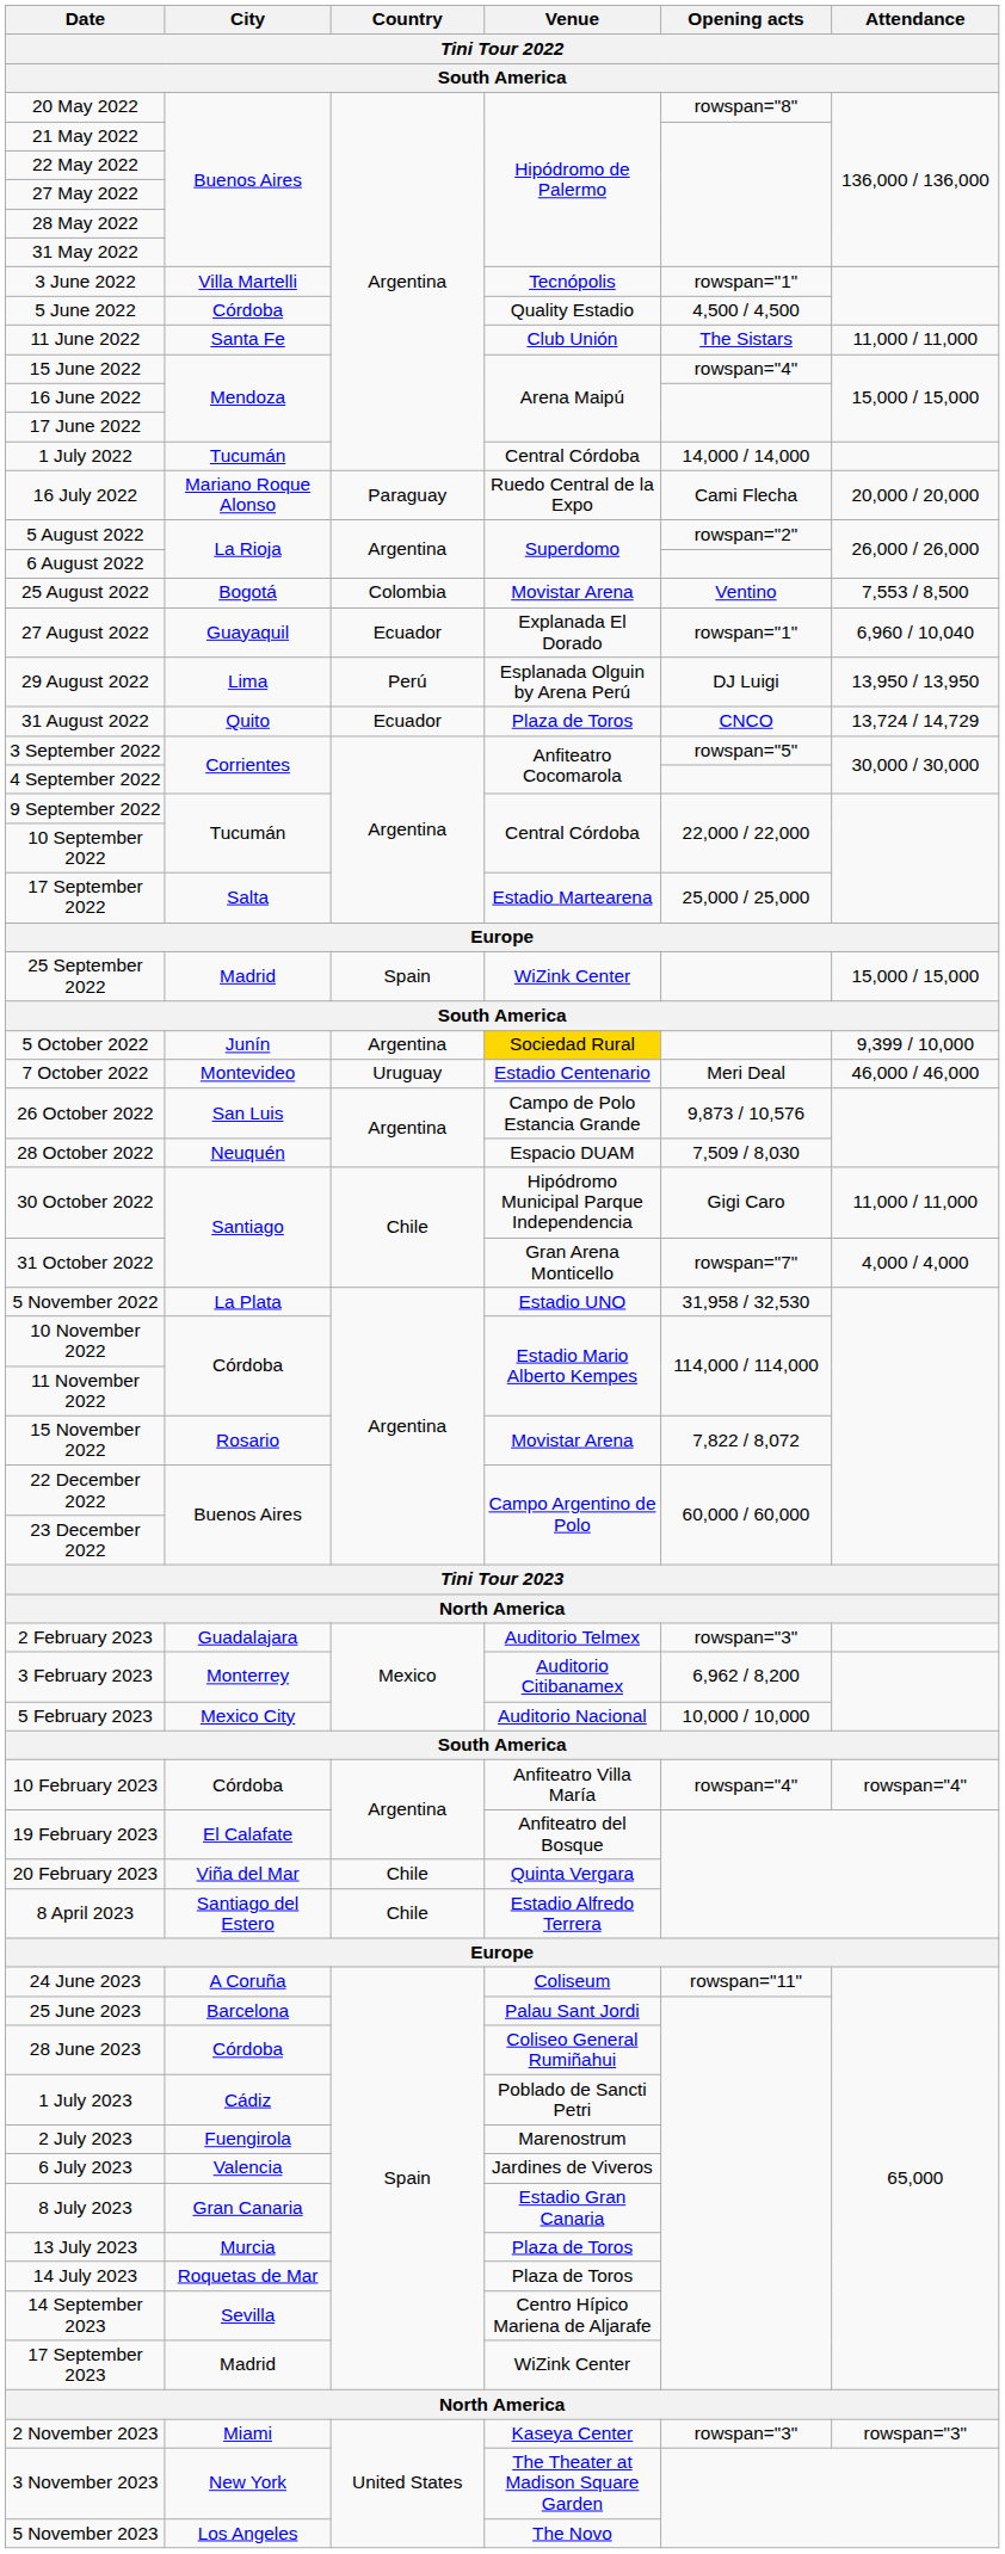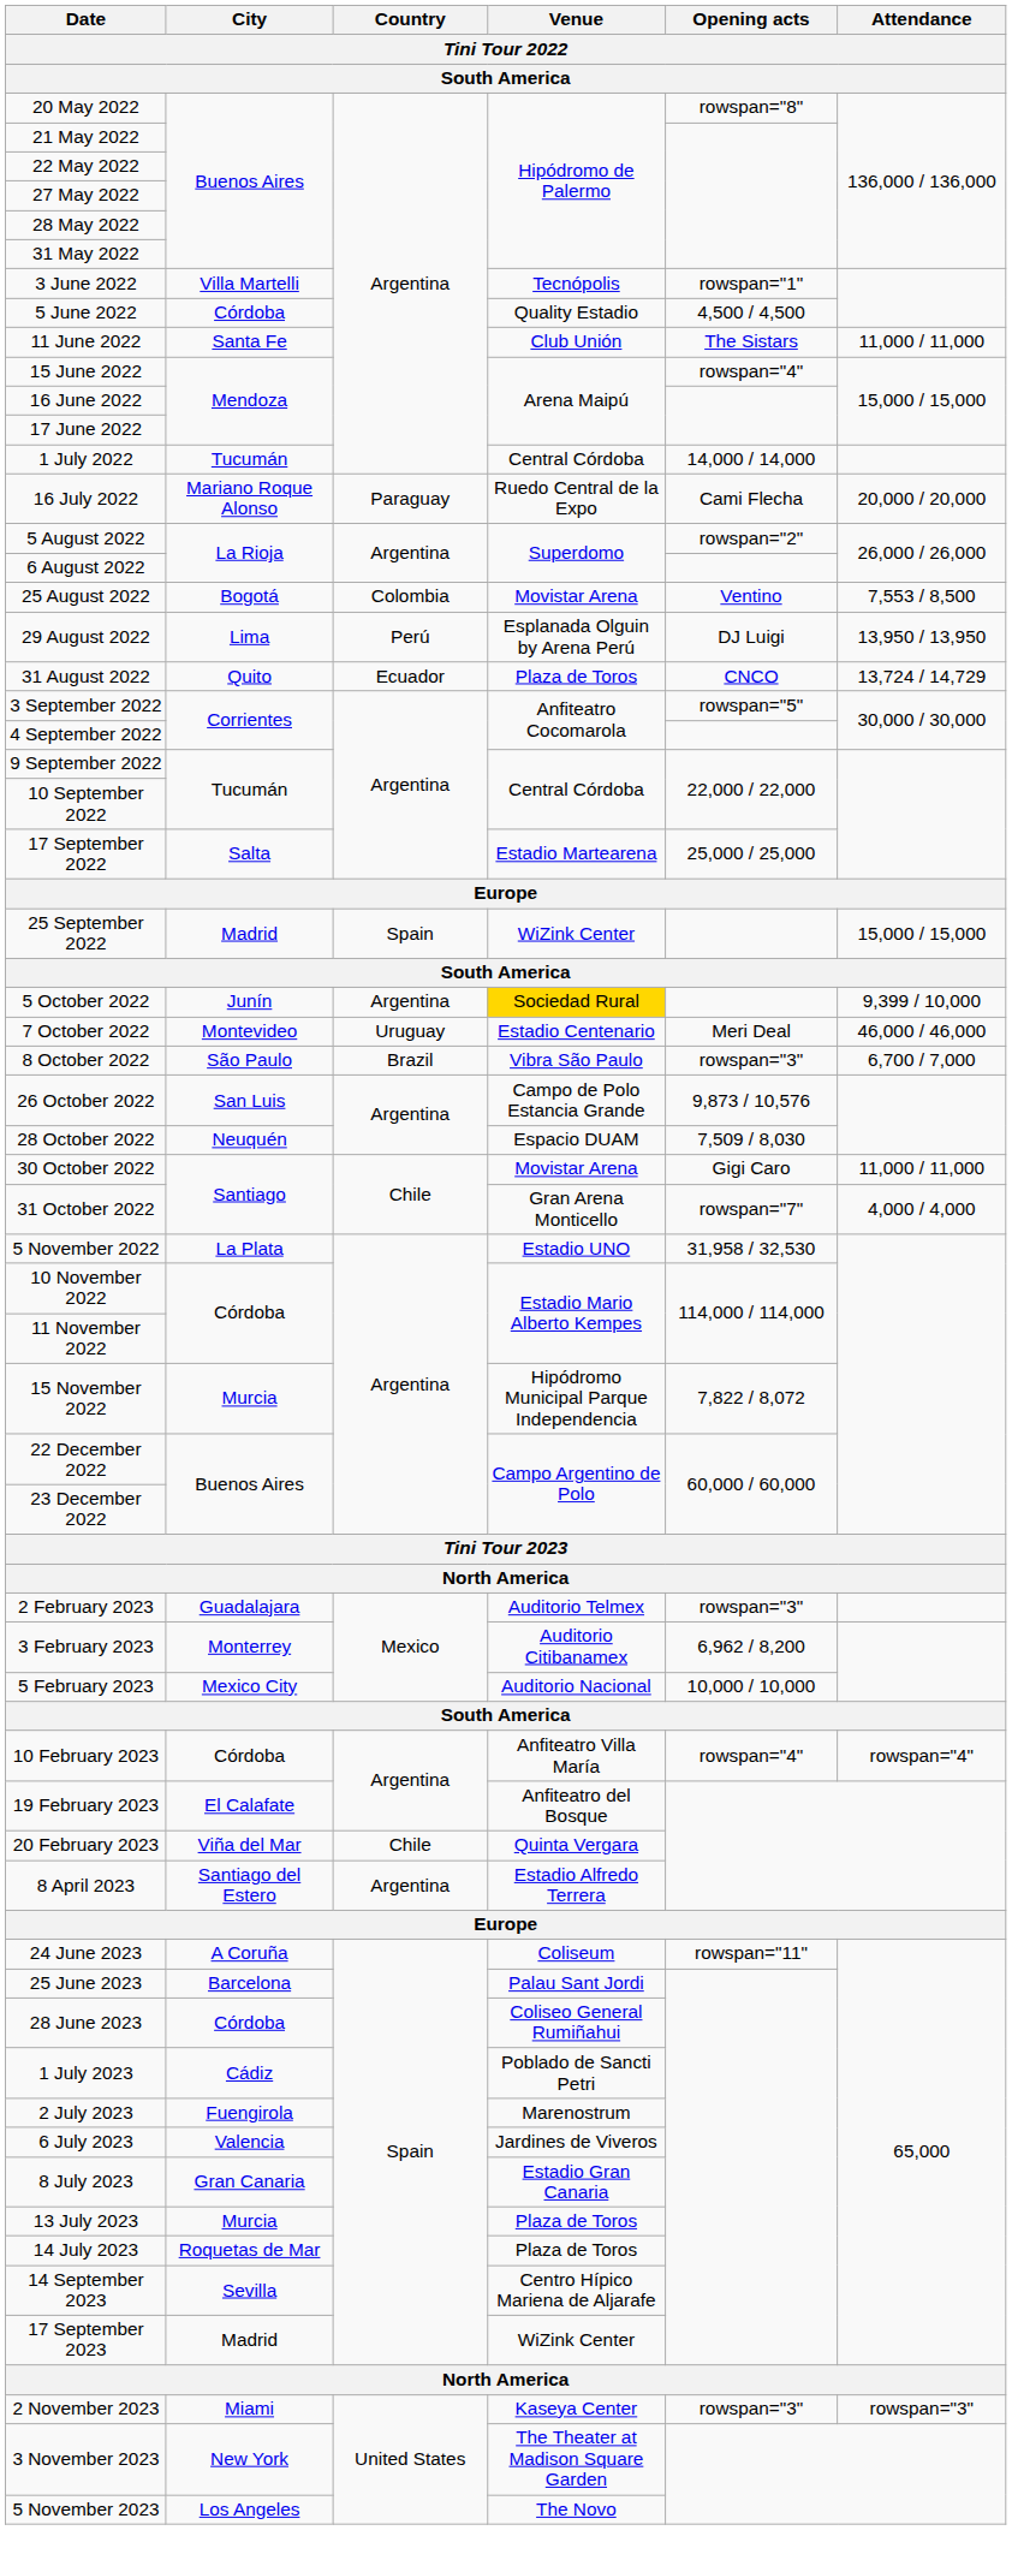 <table class="wikitable" style="text-align:center;">
 <tr>
 <th scope="col" style="width:12em;">Date</th>
 <th scope="col" style="width:12em;">City</th>
 <th scope="col" style="width:12em;">Country</th>
 <th scope="col" style="width:12em;">Venue</th>
 <th scope="col" style="width:12em;">Opening acts</th>
 <th scope="col" style="width:12em;">Attendance</th>
 </tr>
 <tr>
 <th colspan="6"><em>Tini Tour 2022</em></th>
 </tr>
 <tr>
 <th colspan="6">South America</th>
 </tr>
 <tr>
 <td>20 May 2022</td>
 <td rowspan="6"><a href='#'>Buenos Aires</a></td>
 <td rowspan="13">Argentina</td>
 <td rowspan="6"><a href='#'>Hipódromo de Palermo</a></td>
 <td>rowspan="8" </td>
 <td rowspan="6">136,000 / 136,000</td>
 </tr>
 <tr>
 <td>21 May 2022</td>
 </tr>
 <tr>
 <td>22 May 2022</td>
 </tr>
 <tr>
 <td>27 May 2022</td>
 </tr>
 <tr>
 <td>28 May 2022</td>
 </tr>
 <tr>
 <td>31 May 2022</td>
 </tr>
 <tr>
 <td>3 June 2022</td>
 <td><a href='#'>Villa Martelli</a></td>
 <td><a href='#'>Tecnópolis</a></td>
 <td>rowspan="1" </td>
 </tr>
 <tr>
 <td>5 June 2022</td>
 <td><a href='#'>Córdoba</a></td>
 <td>Quality Estadio</td>
 <td>4,500 / 4,500</td>
 </tr>
 <tr>
 <td>11 June 2022</td>
 <td><a href='#'>Santa Fe</a></td>
 <td><a href='#'>Club Unión</a></td>
 <td><a href='#'>The Sistars</a></td>
 <td>11,000 / 11,000</td>
 </tr>
 <tr>
 <td>15 June 2022</td>
 <td rowspan="3"><a href='#'>Mendoza</a></td>
 <td rowspan="3">Arena Maipú</td>
 <td>rowspan="4" </td>
 <td rowspan="3">15,000 / 15,000</td>
 </tr>
 <tr>
 <td>16 June 2022</td>
 </tr>
 <tr>
 <td>17 June 2022</td>
 </tr>
 <tr>
 <td>1 July 2022</td>
 <td><a href='#'>Tucumán</a></td>
 <td>Central Córdoba</td>
 <td>14,000 / 14,000</td>
 </tr>
 <tr>
 <td>16 July 2022</td>
 <td><a href='#'>Mariano Roque Alonso</a></td>
 <td>Paraguay</td>
 <td>Ruedo Central de la Expo</td>
 <td>Cami Flecha</td>
 <td>20,000 / 20,000</td>
 </tr>
 <tr>
 <td>5 August 2022</td>
 <td rowspan="2"><a href='#'>La Rioja</a></td>
 <td rowspan="2">Argentina</td>
 <td rowspan="2"><a href='#'>Superdomo</a></td>
 <td>rowspan="2" </td>
 <td rowspan="2">26,000 / 26,000</td>
 </tr>
 <tr>
 <td>6 August 2022</td>
 </tr>
 <tr>
 <td>25 August 2022</td>
 <td><a href='#'>Bogotá</a></td>
 <td>Colombia</td>
 <td><a href='#'>Movistar Arena</a></td>
 <td><a href='#'>Ventino</a></td>
 <td>7,553 / 8,500</td>
 </tr>
 <tr>
-<td>27 August 2022</td>
-<td><a href='#'>Guayaquil</a></td>
-<td>Ecuador</td>
-<td>Explanada El Dorado</td>
-<td>rowspan="1" </td>
-<td>6,960 / 10,040</td>
-</tr>
-<tr>
 <td>29 August 2022</td>
 <td><a href='#'>Lima</a></td>
 <td>Perú</td>
 <td>Esplanada Olguin by Arena Perú</td>
 <td>DJ Luigi</td>
 <td>13,950 / 13,950</td>
 </tr>
 <tr>
 <td>31 August 2022</td>
 <td><a href='#'>Quito</a></td>
 <td>Ecuador</td>
 <td><a href='#'>Plaza de Toros</a></td>
 <td><a href='#'>CNCO</a></td>
 <td>13,724 / 14,729</td>
 </tr>
 <tr>
 <td>3 September 2022</td>
 <td rowspan="2"><a href='#'>Corrientes</a></td>
 <td rowspan="5">Argentina</td>
 <td rowspan="2">Anfiteatro Cocomarola</td>
 <td>rowspan="5" </td>
 <td rowspan="2">30,000 / 30,000</td>
 </tr>
 <tr>
 <td>4 September 2022</td>
 </tr>
 <tr>
 <td>9 September 2022</td>
 <td rowspan="2">Tucumán</td>
 <td rowspan="2">Central Córdoba</td>
 <td rowspan="2">22,000 / 22,000</td>
 </tr>
 <tr>
 <td>10 September 2022</td>
 </tr>
 <tr>
 <td>17 September 2022</td>
 <td><a href='#'>Salta</a></td>
 <td><a href='#'>Estadio Martearena</a></td>
 <td>25,000 / 25,000</td>
 </tr>
 <tr>
 <th colspan="6">Europe</th>
 </tr>
 <tr>
 <td>25 September 2022</td>
 <td><a href='#'>Madrid</a></td>
 <td>Spain</td>
 <td><a href='#'>WiZink Center</a></td>
 <td></td>
 <td>15,000 / 15,000</td>
 </tr>
 <tr>
 <th colspan="6">South America</th>
 </tr>
 <tr>
 <td>5 October 2022</td>
 <td><a href='#'>Junín</a></td>
 <td>Argentina</td>
 <td style="background: gold;">Sociedad Rural</td>
 <td></td>
 <td>9,399 / 10,000</td>
 </tr>
 <tr>
 <td>7 October 2022</td>
 <td><a href='#'>Montevideo</a></td>
 <td>Uruguay</td>
 <td><a href='#'>Estadio Centenario</a></td>
 <td>Meri Deal</td>
 <td>46,000 / 46,000</td>
 </tr>
 <tr>
+<td>8 October 2022</td>
+<td><a href='#'>São Paulo</a></td>
+<td>Brazil</td>
+<td><a href='#'>Vibra São Paulo</a></td>
+<td>rowspan="3" </td>
+<td>6,700 / 7,000</td>
+</tr>
+<tr>
 <td>26 October 2022</td>
 <td><a href='#'>San Luis</a></td>
 <td rowspan="2">Argentina</td>
 <td>Campo de Polo Estancia Grande</td>
 <td>9,873 / 10,576</td>
 </tr>
 <tr>
 <td>28 October 2022</td>
 <td><a href='#'>Neuquén</a></td>
 <td>Espacio DUAM</td>
 <td>7,509 / 8,030</td>
 </tr>
 <tr>
 <td>30 October 2022</td>
 <td rowspan="2"><a href='#'>Santiago</a></td>
 <td rowspan="2">Chile</td>
-<td>Hipódromo Municipal Parque Independencia</td>
+<td><a href='#'>Movistar Arena</a></td>
 <td>Gigi Caro</td>
 <td>11,000 / 11,000</td>
 </tr>
 <tr>
 <td>31 October 2022</td>
 <td>Gran Arena Monticello</td>
 <td>rowspan="7" </td>
 <td>4,000 / 4,000</td>
 </tr>
 <tr>
 <td>5 November 2022</td>
 <td><a href='#'>La Plata</a></td>
 <td rowspan="6">Argentina</td>
 <td><a href='#'>Estadio UNO</a></td>
 <td>31,958 / 32,530</td>
 </tr>
 <tr>
 <td>10 November 2022</td>
 <td rowspan="2">Córdoba</td>
 <td rowspan="2"><a href='#'>Estadio Mario Alberto Kempes</a></td>
 <td rowspan="2">114,000 / 114,000</td>
 </tr>
 <tr>
 <td>11 November 2022</td>
 </tr>
 <tr>
 <td>15 November 2022</td>
-<td><a href='#'>Rosario</a></td>
-<td><a href='#'>Movistar Arena</a></td>
+<td><a href='#'>Murcia</a></td>
+<td>Hipódromo Municipal Parque Independencia</td>
 <td>7,822 / 8,072</td>
 </tr>
 <tr>
 <td>22 December 2022</td>
 <td rowspan="2">Buenos Aires</td>
 <td rowspan="2"><a href='#'>Campo Argentino de Polo</a></td>
 <td rowspan="2">60,000 / 60,000</td>
 </tr>
 <tr>
 <td>23 December 2022</td>
 </tr>
 <tr>
 <th colspan="6"><em>Tini Tour 2023</em></th>
 </tr>
 <tr>
 <th colspan="6">North America</th>
 </tr>
 <tr>
 <td>2 February 2023</td>
 <td><a href='#'>Guadalajara</a></td>
 <td rowspan="3">Mexico</td>
 <td><a href='#'>Auditorio Telmex</a></td>
 <td>rowspan="3" </td>
 <td></td>
 </tr>
 <tr>
 <td>3 February 2023</td>
 <td><a href='#'>Monterrey</a></td>
 <td><a href='#'>Auditorio Citibanamex</a></td>
 <td>6,962 / 8,200</td>
 </tr>
 <tr>
 <td>5 February 2023</td>
 <td><a href='#'>Mexico City</a></td>
 <td><a href='#'>Auditorio Nacional</a></td>
 <td>10,000 / 10,000</td>
 </tr>
 <tr>
 <th colspan="6">South America</th>
 </tr>
 <tr>
 <td>10 February 2023</td>
 <td>Córdoba</td>
 <td rowspan="2">Argentina</td>
 <td>Anfiteatro Villa María</td>
 <td>rowspan="4" </td>
 <td>rowspan="4" </td>
 </tr>
 <tr>
 <td>19 February 2023</td>
 <td><a href='#'>El Calafate</a></td>
 <td>Anfiteatro del Bosque</td>
 </tr>
 <tr>
 <td>20 February 2023</td>
 <td><a href='#'>Viña del Mar</a></td>
 <td>Chile</td>
 <td><a href='#'>Quinta Vergara</a></td>
 </tr>
 <tr>
 <td>8 April 2023</td>
 <td><a href='#'>Santiago del Estero</a></td>
-<td>Chile</td>
+<td>Argentina</td>
 <td><a href='#'>Estadio Alfredo Terrera</a></td>
 </tr>
 <tr>
 <th colspan="6">Europe</th>
 </tr>
 <tr>
 <td>24 June 2023</td>
 <td><a href='#'>A Coruña</a></td>
 <td rowspan="11">Spain</td>
 <td><a href='#'>Coliseum</a></td>
 <td>rowspan="11" </td>
 <td rowspan="11">65,000</td>
 </tr>
 <tr>
 <td>25 June 2023</td>
 <td><a href='#'>Barcelona</a></td>
 <td><a href='#'>Palau Sant Jordi</a></td>
 </tr>
 <tr>
 <td>28 June 2023</td>
 <td><a href='#'>Córdoba</a></td>
 <td><a href='#'>Coliseo General Rumiñahui</a></td>
 </tr>
 <tr>
 <td>1 July 2023</td>
 <td><a href='#'>Cádiz</a></td>
 <td>Poblado de Sancti Petri</td>
 </tr>
 <tr>
 <td>2 July 2023</td>
 <td><a href='#'>Fuengirola</a></td>
 <td>Marenostrum</td>
 </tr>
 <tr>
 <td>6 July 2023</td>
 <td><a href='#'>Valencia</a></td>
 <td>Jardines de Viveros</td>
 </tr>
 <tr>
 <td>8 July 2023</td>
 <td><a href='#'>Gran Canaria</a></td>
 <td><a href='#'>Estadio Gran Canaria</a></td>
 </tr>
 <tr>
 <td>13 July 2023</td>
 <td><a href='#'>Murcia</a></td>
 <td><a href='#'>Plaza de Toros</a></td>
 </tr>
 <tr>
 <td>14 July 2023</td>
 <td><a href='#'>Roquetas de Mar</a></td>
 <td>Plaza de Toros</td>
 </tr>
 <tr>
 <td>14 September 2023</td>
 <td><a href='#'>Sevilla</a></td>
 <td>Centro Hípico Mariena de Aljarafe</td>
 </tr>
 <tr>
 <td>17 September 2023</td>
 <td>Madrid</td>
 <td>WiZink Center</td>
 </tr>
 <tr>
 <th colspan="6">North America</th>
 </tr>
 <tr>
 <td>2 November 2023</td>
 <td><a href='#'>Miami</a></td>
 <td rowspan="3">United States</td>
 <td><a href='#'>Kaseya Center</a></td>
 <td>rowspan="3" </td>
 <td>rowspan="3" </td>
 </tr>
 <tr>
 <td>3 November 2023</td>
 <td><a href='#'>New York</a></td>
 <td><a href='#'>The Theater at Madison Square Garden</a></td>
 </tr>
 <tr>
 <td>5 November 2023</td>
 <td><a href='#'>Los Angeles</a></td>
 <td><a href='#'>The Novo</a></td>
 </tr>
 </table>
